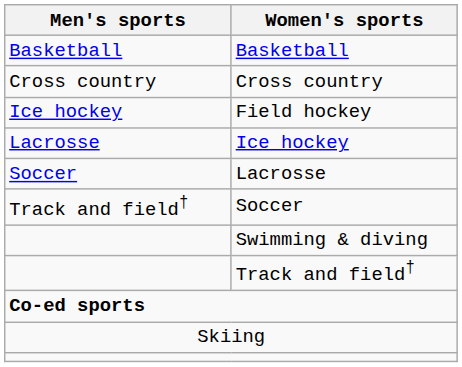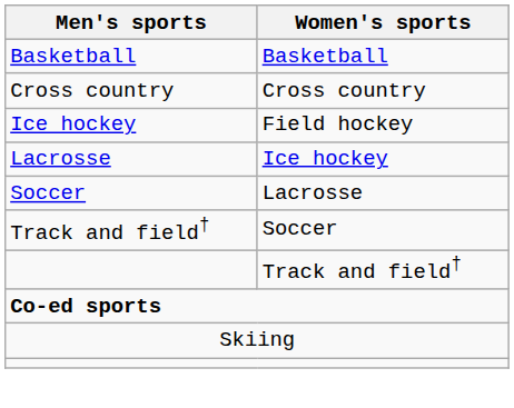 <table class="wikitable" style= "">
 <tr>
 <th width=150px>Men's sports</th>
 <th width=150px>Women's sports</th>
 </tr>
 <tr>
 <td><a href='#'>Basketball</a></td>
 <td><a href='#'>Basketball</a></td>
 </tr>
 <tr>
 <td>Cross country</td>
 <td>Cross country</td>
 </tr>
 <tr>
 <td><a href='#'>Ice hockey</a></td>
 <td>Field hockey</td>
 </tr>
 <tr>
 <td><a href='#'>Lacrosse</a></td>
 <td><a href='#'>Ice hockey</a></td>
 </tr>
 <tr>
 <td><a href='#'>Soccer</a></td>
 <td>Lacrosse</td>
 </tr>
 <tr>
 <td>Track and field<sup>†</sup></td>
 <td>Soccer</td>
 </tr>
 <tr>
 <td></td>
-<td>Swimming & diving</td>
-</tr>
-<tr>
-<td></td>
 <td>Track and field<sup>†</sup></td>
 </tr>
 <tr>
 <td colspan="2"><strong>Co-ed sports</strong></td>
 </tr>
 <tr style="text-align:center">
 <td colspan="2">Skiing</td>
 </tr>
 <tr>
 <td colspan="2"></td>
 </tr>
 </table>
